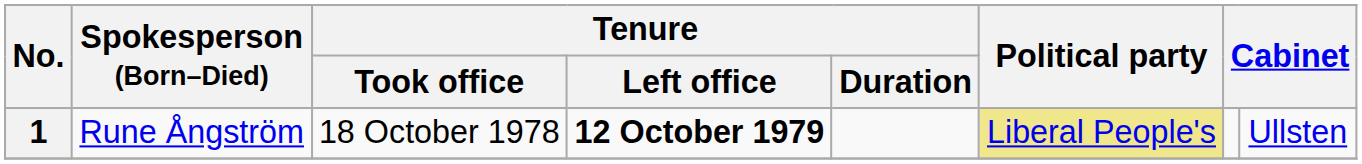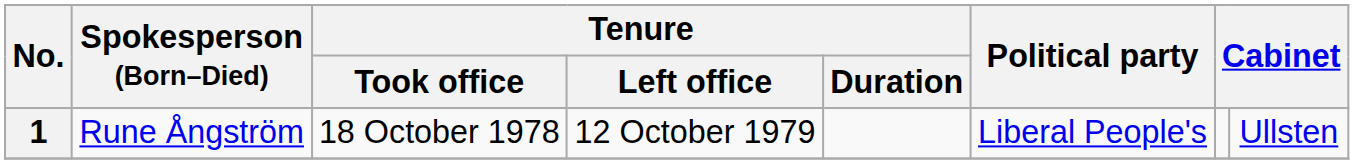 <table class="wikitable" style="text-align: center;">
 <tr>
 <th rowspan="2">No.</th>
 <th rowspan="2">Spokesperson<br><small>(Born–Died)</small></th>
 <th colspan="3">Tenure</th>
 <th rowspan="2">Political party</th>
 <th rowspan="2" colspan="2"><a href='#'>Cabinet</a></th>
 </tr>
 <tr>
 <th>Took office</th>
 <th>Left office</th>
 <th>Duration</th>
 </tr>
 <tr>
 <th style="background: ">1</th>
 <td><a href='#'>Rune Ångström</a><br></td>
 <td>18 October 1978</td>
-<td><strong>12 October 1979</strong></td>
+<td>12 October 1979</td>
 <td></td>
-<td style="background: khaki;"><a href='#'>Liberal People's</a></td>
+<td><a href='#'>Liberal People's</a></td>
 <td style="background: "></td>
 <td><a href='#'>Ullsten</a></td>
 </tr>
 <tr>
 </tr>
 </table>
